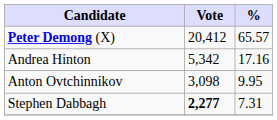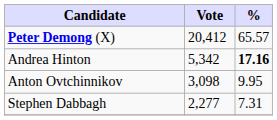 <table class="wikitable">
 <tr>
 <th style="background:#ddf; width:200px;">Candidate</th>
 <th style="background:#ddf; width:50px;">Vote</th>
 <th style="background:#ddf; width:30px;">%</th>
 </tr>
 <tr>
 <td><strong><a href='#'>Peter Demong</a></strong> (X)</td>
 <td>20,412</td>
 <td>65.57</td>
 </tr>
 <tr>
 <td>Andrea Hinton</td>
 <td>5,342</td>
-<td>17.16</td>
+<td><strong>17.16</strong></td>
 </tr>
 <tr>
 <td>Anton Ovtchinnikov</td>
 <td>3,098</td>
 <td>9.95</td>
 </tr>
 <tr>
 <td>Stephen Dabbagh</td>
-<td><strong>2,277</strong></td>
+<td>2,277</td>
 <td>7.31</td>
 </tr>
 <tr>
 </tr>
 </table>
